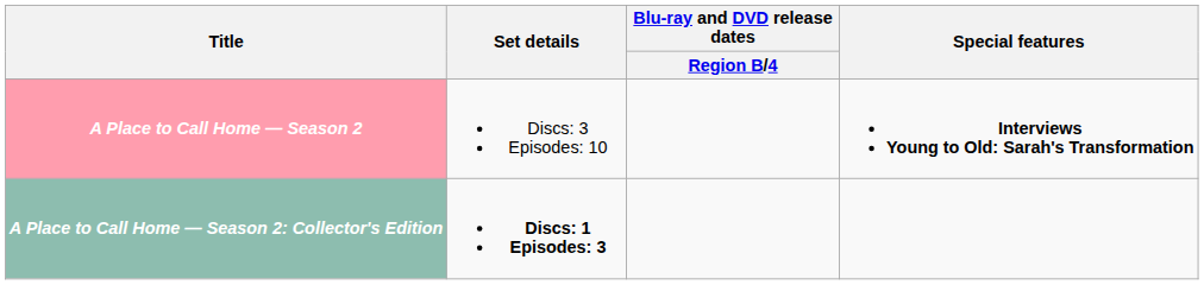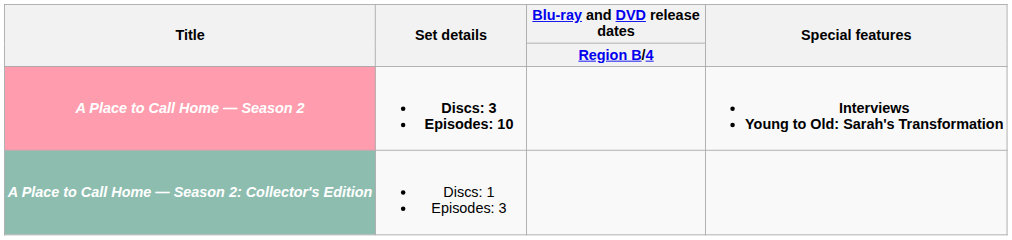 <table class="wikitable plainrowheaders" style="font-size: 100%; text-align: center;">
 <tr>
 <th scope="col" rowspan="2">Title</th>
 <th scope="col" rowspan="2" style="width:10em;">Set details</th>
 <th scope="col"><a href='#'>Blu-ray</a> and <a href='#'>DVD</a> release dates</th>
 <th scope="col" rowspan="2">Special features</th>
 </tr>
 <tr>
 <th scope="col" style="width: 12em; font-size: 100%;"><a href='#'>Region B</a>/<a href='#'>4</a></th>
 </tr>
 <tr>
 <th scope="row" style="background:#FF9DAE; color:#FFFFFF;"><em><span>A Place to Call Home — Season 2</span></em></th>
-<td><br><ul><li>Discs: 3</li><li>Episodes: 10</li></ul></td>
+<td><strong><br><ul><li>Discs: 3</li><li>Episodes: 10</li></ul></strong></td>
 <td></td>
 <td><strong><br><ul><li>Interviews</li><li>Young to Old: Sarah's Transformation</li></ul></strong></td>
 </tr>
 <tr>
 <th scope="row" style="background:#8DBDAF; color:#FFFFFF;"><em><span>A Place to Call Home — Season 2: Collector's Edition</span></em></th>
-<td><strong><br><ul><li>Discs: 1</li><li>Episodes: 3</li></ul></strong></td>
+<td><br><ul><li>Discs: 1</li><li>Episodes: 3</li></ul></td>
 <td></td>
 </tr>
 </table>
